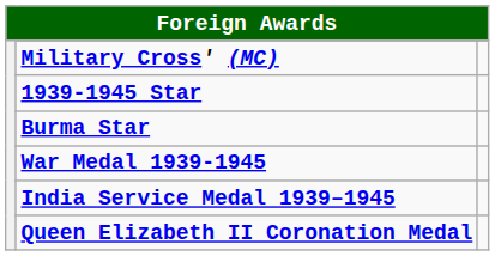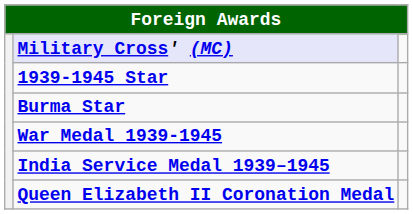 <table class="wikitable">
 <tr>
 <th colspan="3" style="background:#006400; color:#FFFFFF; text-align:center"><strong>Foreign Awards</strong></th>
 </tr>
 <tr>
 <th rowspan="6"><strong></strong></th>
-<td><strong><a href='#'>Military Cross</a><strong><em>'</strong> <a href='#'><strong>(MC)</strong></a></td>
+<td style="background: lavender;"><strong><a href='#'>Military Cross</a><strong><em>'</strong> <a href='#'><strong>(MC)</strong></a></td>
 <td></td>
 </tr>
 <tr>
 <td><strong><a href='#'>1939-1945 Star</a></strong></td>
 <td></td>
 </tr>
 <tr>
 <td><strong><a href='#'>Burma Star</a></strong></td>
 <td></td>
 </tr>
 <tr>
 <td><strong><a href='#'>War Medal 1939-1945</a></strong></td>
 <td></td>
 </tr>
 <tr>
 <td><a href='#'><strong>India Service Medal 1939–1945</strong></a></td>
 <td></td>
 </tr>
 <tr>
 <td><strong><a href='#'>Queen Elizabeth II Coronation Medal</a></strong></td>
 <td></td>
 </tr>
 </table>
